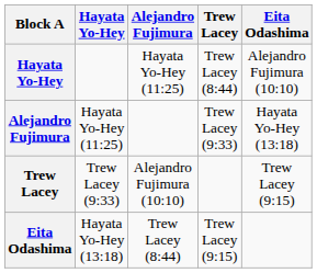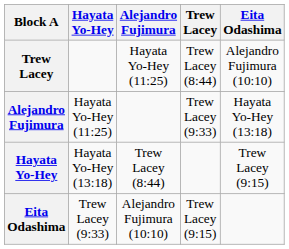 <table class="wikitable" style="text-align:center; margin: 1em auto 1em auto">
 <tr>
 <th>Block A</th>
 <th><a href='#'>Hayata</a><br><a href='#'>Yo-Hey</a></th>
 <th><a href='#'>Alejandro</a><br><a href='#'>Fujimura</a></th>
 <th>Trew<br>Lacey</th>
 <th><a href='#'>Eita</a><br>Odashima</th>
 </tr>
 <tr>
-<th><a href='#'>Hayata</a><br><a href='#'>Yo-Hey</a></th>
+<th>Trew<br>Lacey</th>
 <td></td>
 <td>Hayata<br>Yo-Hey<br>(11:25)</td>
 <td>Trew<br>Lacey<br>(8:44)</td>
 <td>Alejandro<br>Fujimura<br>(10:10)</td>
 </tr>
 <tr>
 <th><a href='#'>Alejandro</a><br><a href='#'>Fujimura</a></th>
 <td>Hayata<br>Yo-Hey<br>(11:25)</td>
 <td></td>
 <td>Trew<br>Lacey<br>(9:33)</td>
 <td>Hayata<br>Yo-Hey<br>(13:18)</td>
 </tr>
 <tr>
-<th>Trew<br>Lacey</th>
-<td>Trew<br>Lacey<br>(9:33)</td>
-<td>Alejandro<br>Fujimura<br>(10:10)</td>
+<th><a href='#'>Hayata</a><br><a href='#'>Yo-Hey</a></th>
+<td>Hayata<br>Yo-Hey<br>(13:18)</td>
+<td>Trew<br>Lacey<br>(8:44)</td>
 <td></td>
 <td>Trew<br>Lacey<br>(9:15)</td>
 </tr>
 <tr>
 <th><a href='#'>Eita</a><br>Odashima</th>
-<td>Hayata<br>Yo-Hey<br>(13:18)</td>
-<td>Trew<br>Lacey<br>(8:44)</td>
+<td>Trew<br>Lacey<br>(9:33)</td>
+<td>Alejandro<br>Fujimura<br>(10:10)</td>
 <td>Trew<br>Lacey<br>(9:15)</td>
 <td></td>
 </tr>
 </table>
